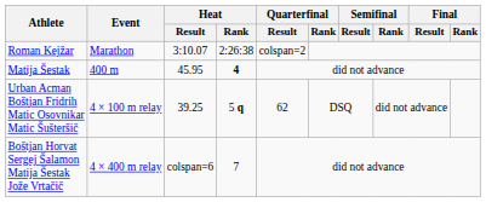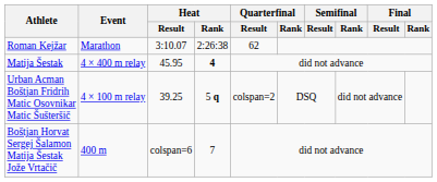 <table class="wikitable" style="font-size:90%">
 <tr>
 <th rowspan="2">Athlete</th>
 <th rowspan="2">Event</th>
 <th colspan="2">Heat</th>
 <th colspan="2">Quarterfinal</th>
 <th colspan="2">Semifinal</th>
 <th colspan="2">Final</th>
 </tr>
 <tr style="font-size:95%">
 <th>Result</th>
 <th>Rank</th>
 <th>Result</th>
 <th>Rank</th>
 <th>Result</th>
 <th>Rank</th>
 <th>Result</th>
 <th>Rank</th>
 </tr>
 <tr align=center>
 <td align=left><a href='#'>Roman Kejžar</a></td>
 <td align=left><a href='#'>Marathon</a></td>
 <td>3:10.07</td>
 <td>2:26:38</td>
-<td>colspan=2 </td>
+<td>62</td>
 </tr>
 <tr align=center>
 <td align=left><a href='#'>Matija Šestak</a></td>
-<td align=left><a href='#'>400 m</a></td>
+<td align=left><a href='#'>4 × 400 m relay</a></td>
 <td>45.95</td>
 <td><strong>4</strong></td>
 <td colspan=6>did not advance</td>
 </tr>
 <tr align=center>
 <td align=left><a href='#'>Urban Acman</a><br><a href='#'>Boštjan Fridrih</a><br><a href='#'>Matic Osovnikar</a><br><a href='#'>Matic Šušteršič</a></td>
 <td align=left><a href='#'>4 × 100 m relay</a></td>
 <td>39.25</td>
 <td>5 <strong>q</strong></td>
-<td>62</td>
+<td>colspan=2 </td>
 <td colspan=2>DSQ</td>
 <td colspan=2>did not advance</td>
 </tr>
 <tr align=center>
 <td align=left><a href='#'>Boštjan Horvat</a><br><a href='#'>Sergej Šalamon</a><br><a href='#'>Matija Šestak</a><br><a href='#'>Jože Vrtačič</a></td>
-<td align=left><a href='#'>4 × 400 m relay</a></td>
+<td align=left><a href='#'>400 m</a></td>
 <td>colspan=6 </td>
 <td>7</td>
 <td colspan=6>did not advance</td>
 </tr>
 </table>
